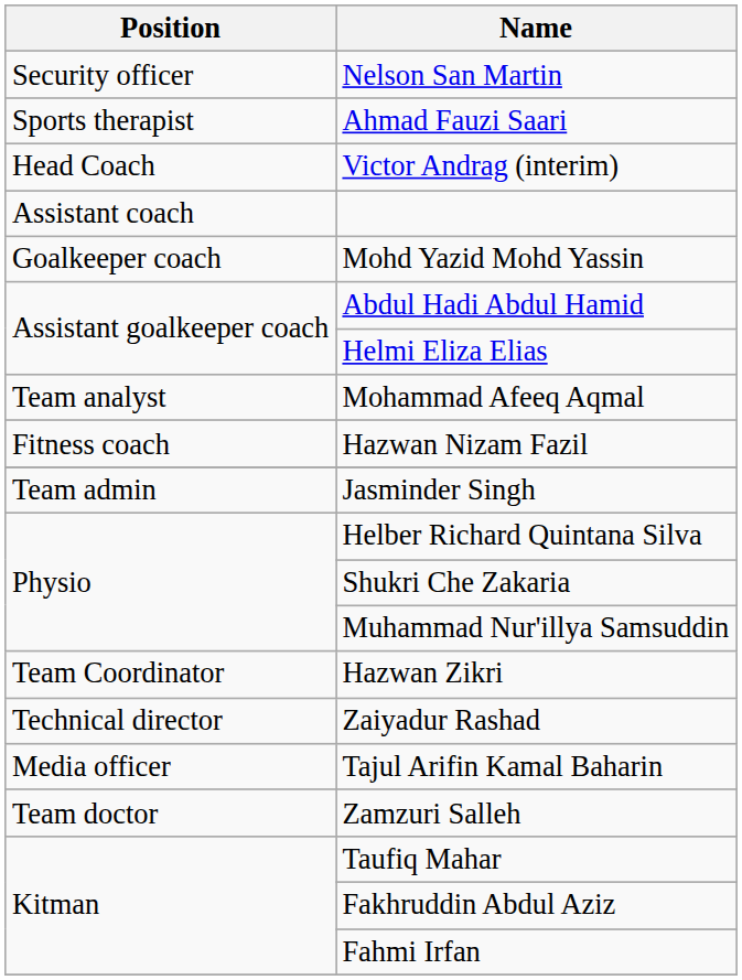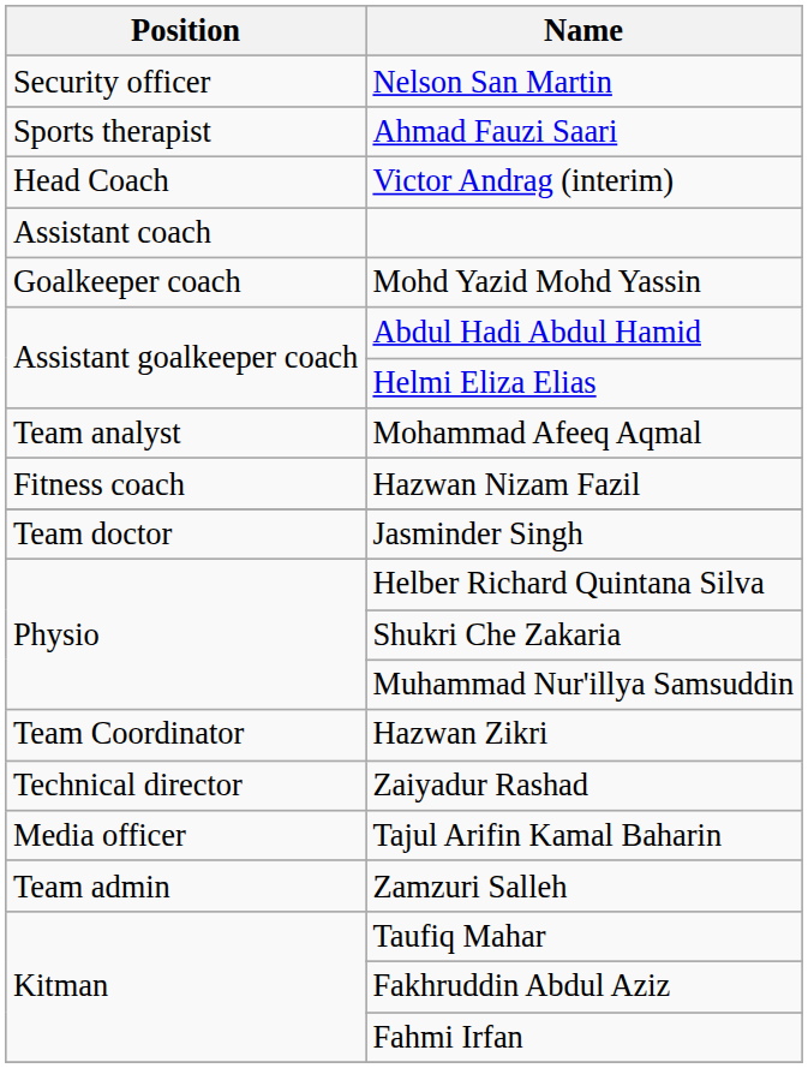 <table class="wikitable">
 <tr>
 <th>Position</th>
 <th>Name</th>
 </tr>
 <tr>
 <td>Security officer</td>
 <td> <a href='#'>Nelson San Martin</a></td>
 </tr>
 <tr>
 <td>Sports therapist</td>
 <td> <a href='#'>Ahmad Fauzi Saari</a></td>
 </tr>
 <tr>
 <td>Head Coach</td>
 <td> <a href='#'>Victor Andrag</a> (interim)</td>
 </tr>
 <tr>
 <td>Assistant coach</td>
 <td></td>
 </tr>
 <tr>
 <td>Goalkeeper coach</td>
 <td> Mohd Yazid Mohd Yassin</td>
 </tr>
 <tr>
 <td rowspan="2">Assistant goalkeeper coach</td>
 <td> <a href='#'>Abdul Hadi Abdul Hamid</a></td>
 </tr>
 <tr>
 <td> <a href='#'>Helmi Eliza Elias</a></td>
 </tr>
 <tr>
 <td>Team analyst</td>
 <td> Mohammad Afeeq Aqmal</td>
 </tr>
 <tr>
 <td>Fitness coach</td>
 <td> Hazwan Nizam Fazil</td>
 </tr>
 <tr>
 </tr>
 <tr>
-<td>Team admin</td>
+<td>Team doctor</td>
 <td> Jasminder Singh</td>
 </tr>
 <tr>
 <td rowspan="3">Physio</td>
 <td> Helber Richard Quintana Silva</td>
 </tr>
 <tr>
 <td> Shukri Che Zakaria</td>
 </tr>
 <tr>
 <td> Muhammad Nur'illya Samsuddin</td>
 </tr>
 <tr>
 <td>Team Coordinator</td>
 <td> Hazwan Zikri</td>
 </tr>
 <tr>
 <td>Technical director</td>
 <td> Zaiyadur Rashad</td>
 </tr>
 <tr>
 <td>Media officer</td>
 <td> Tajul Arifin Kamal Baharin</td>
 </tr>
 <tr>
-<td>Team doctor</td>
+<td>Team admin</td>
 <td> Zamzuri Salleh</td>
 </tr>
 <tr>
 <td rowspan="3">Kitman</td>
 <td> Taufiq Mahar</td>
 </tr>
 <tr>
 <td> Fakhruddin Abdul Aziz</td>
 </tr>
 <tr>
 <td> Fahmi Irfan</td>
 </tr>
 <tr>
 </tr>
 </table>
